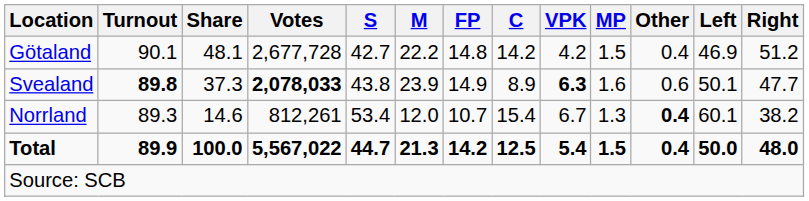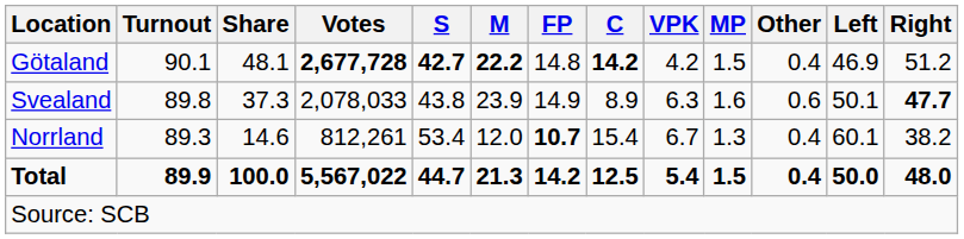 <table class="wikitable sortable" style=text-align:right>
 <tr>
 <th>Location</th>
 <th>Turnout</th>
 <th>Share</th>
 <th>Votes</th>
 <th><a href='#'>S</a></th>
 <th><a href='#'>M</a></th>
 <th><a href='#'>FP</a></th>
 <th><a href='#'>C</a></th>
 <th><a href='#'>VPK</a></th>
 <th><a href='#'>MP</a></th>
 <th>Other</th>
 <th>Left</th>
 <th>Right</th>
 </tr>
 <tr>
 <td align=left><a href='#'>Götaland</a></td>
 <td>90.1</td>
 <td>48.1</td>
-<td>2,677,728</td>
-<td>42.7</td>
-<td>22.2</td>
+<td><strong>2,677,728</strong></td>
+<td><strong>42.7</strong></td>
+<td><strong>22.2</strong></td>
 <td>14.8</td>
-<td>14.2</td>
+<td><strong>14.2</strong></td>
 <td>4.2</td>
 <td>1.5</td>
 <td>0.4</td>
 <td>46.9</td>
 <td>51.2</td>
 </tr>
 <tr>
 <td align=left><a href='#'>Svealand</a></td>
-<td><strong>89.8</strong></td>
+<td>89.8</td>
 <td>37.3</td>
-<td><strong>2,078,033</strong></td>
+<td>2,078,033</td>
 <td>43.8</td>
 <td>23.9</td>
 <td>14.9</td>
 <td>8.9</td>
-<td><strong>6.3</strong></td>
+<td>6.3</td>
 <td>1.6</td>
 <td>0.6</td>
 <td>50.1</td>
-<td>47.7</td>
+<td><strong>47.7</strong></td>
 </tr>
 <tr>
 <td align=left><a href='#'>Norrland</a></td>
 <td>89.3</td>
 <td>14.6</td>
 <td>812,261</td>
 <td>53.4</td>
 <td>12.0</td>
-<td>10.7</td>
+<td><strong>10.7</strong></td>
 <td>15.4</td>
 <td>6.7</td>
 <td>1.3</td>
-<td><strong>0.4</strong></td>
+<td>0.4</td>
 <td>60.1</td>
 <td>38.2</td>
 </tr>
 <tr>
 <td align=left><strong>Total</strong></td>
 <td><strong>89.9</strong></td>
 <td><strong>100.0</strong></td>
 <td><strong>5,567,022</strong></td>
 <td><strong>44.7</strong></td>
 <td><strong>21.3</strong></td>
 <td><strong>14.2</strong></td>
 <td><strong>12.5</strong></td>
 <td><strong>5.4</strong></td>
 <td><strong>1.5</strong></td>
 <td><strong>0.4</strong></td>
 <td><strong>50.0</strong></td>
 <td><strong>48.0</strong></td>
 </tr>
 <tr>
 <td align=left colspan=13>Source: SCB </td>
 </tr>
 </table>
